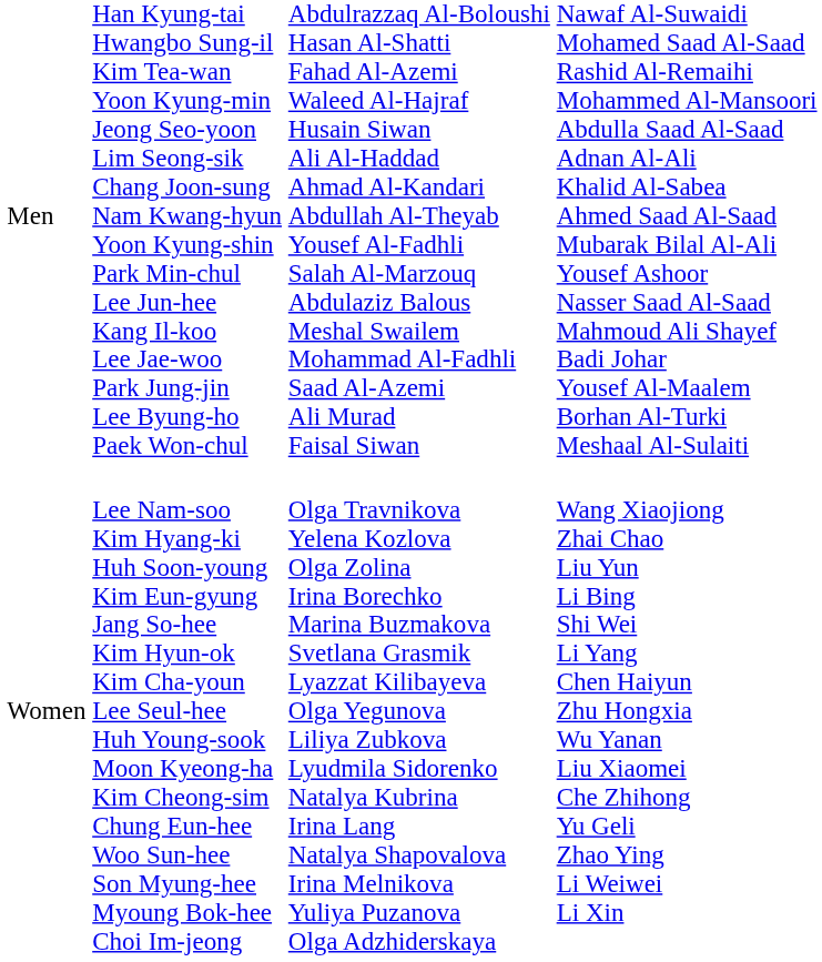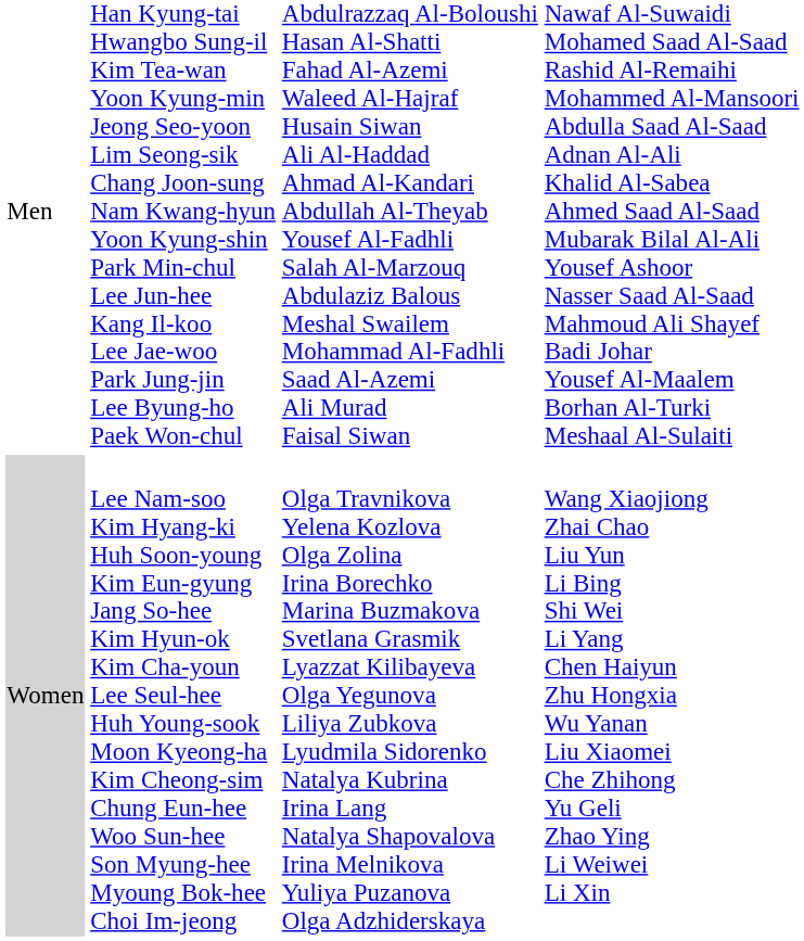 <table>
 <tr>
 <td>Men<br></td>
 <td><br><a href='#'>Han Kyung-tai</a><br><a href='#'>Hwangbo Sung-il</a><br><a href='#'>Kim Tea-wan</a><br><a href='#'>Yoon Kyung-min</a><br><a href='#'>Jeong Seo-yoon</a><br><a href='#'>Lim Seong-sik</a><br><a href='#'>Chang Joon-sung</a><br><a href='#'>Nam Kwang-hyun</a><br><a href='#'>Yoon Kyung-shin</a><br><a href='#'>Park Min-chul</a><br><a href='#'>Lee Jun-hee</a><br><a href='#'>Kang Il-koo</a><br><a href='#'>Lee Jae-woo</a><br><a href='#'>Park Jung-jin</a><br><a href='#'>Lee Byung-ho</a><br><a href='#'>Paek Won-chul</a></td>
 <td><br><a href='#'>Abdulrazzaq Al-Boloushi</a><br><a href='#'>Hasan Al-Shatti</a><br><a href='#'>Fahad Al-Azemi</a><br><a href='#'>Waleed Al-Hajraf</a><br><a href='#'>Husain Siwan</a><br><a href='#'>Ali Al-Haddad</a><br><a href='#'>Ahmad Al-Kandari</a><br><a href='#'>Abdullah Al-Theyab</a><br><a href='#'>Yousef Al-Fadhli</a><br><a href='#'>Salah Al-Marzouq</a><br><a href='#'>Abdulaziz Balous</a><br><a href='#'>Meshal Swailem</a><br><a href='#'>Mohammad Al-Fadhli</a><br><a href='#'>Saad Al-Azemi</a><br><a href='#'>Ali Murad</a><br><a href='#'>Faisal Siwan</a></td>
 <td><br><a href='#'>Nawaf Al-Suwaidi</a><br><a href='#'>Mohamed Saad Al-Saad</a><br><a href='#'>Rashid Al-Remaihi</a><br><a href='#'>Mohammed Al-Mansoori</a><br><a href='#'>Abdulla Saad Al-Saad</a><br><a href='#'>Adnan Al-Ali</a><br><a href='#'>Khalid Al-Sabea</a><br><a href='#'>Ahmed Saad Al-Saad</a><br><a href='#'>Mubarak Bilal Al-Ali</a><br><a href='#'>Yousef Ashoor</a><br><a href='#'>Nasser Saad Al-Saad</a><br><a href='#'>Mahmoud Ali Shayef</a><br><a href='#'>Badi Johar</a><br><a href='#'>Yousef Al-Maalem</a><br><a href='#'>Borhan Al-Turki</a><br><a href='#'>Meshaal Al-Sulaiti</a></td>
 </tr>
 <tr>
-<td>Women<br></td>
+<td style="background: lightgrey;">Women<br></td>
 <td><br><a href='#'>Lee Nam-soo</a><br><a href='#'>Kim Hyang-ki</a><br><a href='#'>Huh Soon-young</a><br><a href='#'>Kim Eun-gyung</a><br><a href='#'>Jang So-hee</a><br><a href='#'>Kim Hyun-ok</a><br><a href='#'>Kim Cha-youn</a><br><a href='#'>Lee Seul-hee</a><br><a href='#'>Huh Young-sook</a><br><a href='#'>Moon Kyeong-ha</a><br><a href='#'>Kim Cheong-sim</a><br><a href='#'>Chung Eun-hee</a><br><a href='#'>Woo Sun-hee</a><br><a href='#'>Son Myung-hee</a><br><a href='#'>Myoung Bok-hee</a><br><a href='#'>Choi Im-jeong</a></td>
 <td><br><a href='#'>Olga Travnikova</a><br><a href='#'>Yelena Kozlova</a><br><a href='#'>Olga Zolina</a><br><a href='#'>Irina Borechko</a><br><a href='#'>Marina Buzmakova</a><br><a href='#'>Svetlana Grasmik</a><br><a href='#'>Lyazzat Kilibayeva</a><br><a href='#'>Olga Yegunova</a><br><a href='#'>Liliya Zubkova</a><br><a href='#'>Lyudmila Sidorenko</a><br><a href='#'>Natalya Kubrina</a><br><a href='#'>Irina Lang</a><br><a href='#'>Natalya Shapovalova</a><br><a href='#'>Irina Melnikova</a><br><a href='#'>Yuliya Puzanova</a><br><a href='#'>Olga Adzhiderskaya</a></td>
 <td valign=top><br><a href='#'>Wang Xiaojiong</a><br><a href='#'>Zhai Chao</a><br><a href='#'>Liu Yun</a><br><a href='#'>Li Bing</a><br><a href='#'>Shi Wei</a><br><a href='#'>Li Yang</a><br><a href='#'>Chen Haiyun</a><br><a href='#'>Zhu Hongxia</a><br><a href='#'>Wu Yanan</a><br><a href='#'>Liu Xiaomei</a><br><a href='#'>Che Zhihong</a><br><a href='#'>Yu Geli</a><br><a href='#'>Zhao Ying</a><br><a href='#'>Li Weiwei</a><br><a href='#'>Li Xin</a></td>
 </tr>
 </table>
